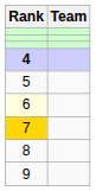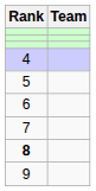 <table class="wikitable">
 <tr>
 <th>Rank</th>
 <th>Team</th>
 </tr>
 <tr bgcolor=ccffcc>
 <td align=center></td>
 <td></td>
 </tr>
 <tr bgcolor=ccffcc>
 <td align=center></td>
 <td></td>
 </tr>
 <tr bgcolor=ccffcc>
 <td align=center></td>
 <td></td>
 </tr>
 <tr bgcolor=ccccff>
-<td align=center><strong>4</strong></td>
+<td align=center>4</td>
 <td></td>
 </tr>
 <tr>
 <td align=center>5</td>
 <td></td>
 </tr>
 <tr>
-<td align=center style="background: lightyellow;">6</td>
+<td align=center>6</td>
 <td></td>
 </tr>
 <tr>
-<td align=center style="background: gold;">7</td>
+<td align=center>7</td>
 <td></td>
 </tr>
 <tr>
-<td align=center>8</td>
+<td align=center><strong>8</strong></td>
 <td></td>
 </tr>
 <tr>
 <td align=center>9</td>
 <td></td>
 </tr>
 </table>
